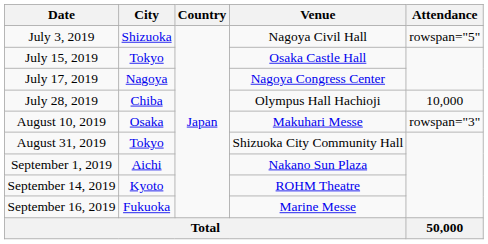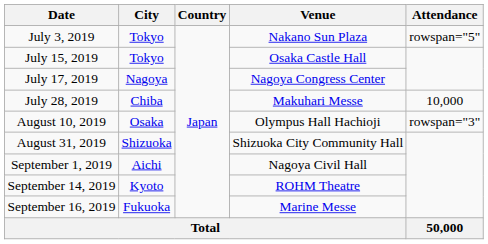 <table class="wikitable" style="text-align:center;">
 <tr>
 <th>Date</th>
 <th>City</th>
 <th>Country</th>
 <th>Venue</th>
 <th>Attendance</th>
 </tr>
 <tr>
 <td>July 3, 2019</td>
-<td><a href='#'>Shizuoka</a></td>
+<td><a href='#'>Tokyo</a></td>
 <td rowspan=9><a href='#'>Japan</a></td>
-<td>Nagoya Civil Hall</td>
+<td><a href='#'>Nakano Sun Plaza</a></td>
 <td>rowspan="5" </td>
 </tr>
 <tr>
 <td>July 15, 2019</td>
 <td><a href='#'>Tokyo</a></td>
 <td><a href='#'>Osaka Castle Hall</a></td>
 </tr>
 <tr>
 <td>July 17, 2019</td>
 <td><a href='#'>Nagoya</a></td>
 <td><a href='#'>Nagoya Congress Center</a></td>
 </tr>
 <tr>
 <td>July 28, 2019</td>
 <td><a href='#'>Chiba</a></td>
-<td>Olympus Hall Hachioji</td>
+<td><a href='#'>Makuhari Messe</a></td>
 <td>10,000</td>
 </tr>
 <tr>
 <td>August 10, 2019</td>
 <td><a href='#'>Osaka</a></td>
-<td><a href='#'>Makuhari Messe</a></td>
+<td>Olympus Hall Hachioji</td>
 <td>rowspan="3" </td>
 </tr>
 <tr>
 <td>August 31, 2019</td>
-<td><a href='#'>Tokyo</a></td>
+<td><a href='#'>Shizuoka</a></td>
 <td>Shizuoka City Community Hall</td>
 </tr>
 <tr>
 <td>September 1, 2019</td>
 <td><a href='#'>Aichi</a></td>
-<td><a href='#'>Nakano Sun Plaza</a></td>
+<td>Nagoya Civil Hall</td>
 </tr>
 <tr>
 <td>September 14, 2019</td>
 <td><a href='#'>Kyoto</a></td>
 <td><a href='#'>ROHM Theatre</a></td>
 </tr>
 <tr>
 <td>September 16, 2019</td>
 <td><a href='#'>Fukuoka</a></td>
 <td><a href='#'>Marine Messe</a></td>
 </tr>
 <tr>
 <th colspan=4>Total</th>
 <th>50,000</th>
 </tr>
 </table>
